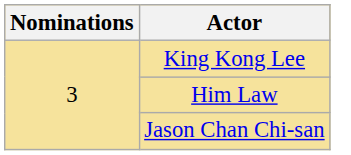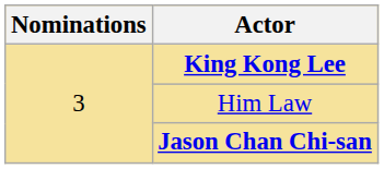 <table class="wikitable" rowspan=2 style="text-align: center; background: #f6e39c">
 <tr>
 <th scope="col" width="55">Nominations</th>
 <th scope="col" align="center">Actor</th>
 </tr>
 <tr>
 <td rowspan=3 style="text-align:center;">3</td>
-<td><a href='#'>King Kong Lee</a></td>
+<td><strong><a href='#'>King Kong Lee</a></strong></td>
 </tr>
 <tr>
 <td><a href='#'>Him Law</a></td>
 </tr>
 <tr>
-<td><a href='#'>Jason Chan Chi-san</a></td>
+<td><strong><a href='#'>Jason Chan Chi-san</a></strong></td>
 </tr>
 </table>
